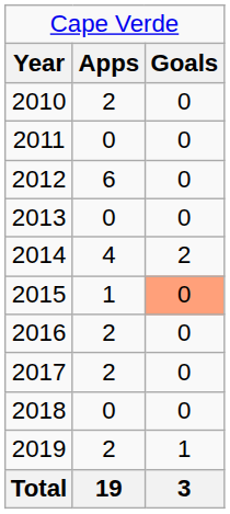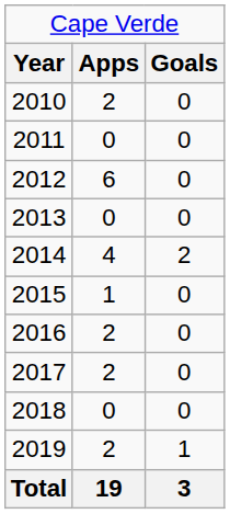 <table class="wikitable" style="text-align:center">
 <tr>
 <td colspan=3><a href='#'>Cape Verde</a></td>
 </tr>
 <tr>
 <th>Year</th>
 <th>Apps</th>
 <th>Goals</th>
 </tr>
 <tr>
 <td>2010</td>
 <td>2</td>
 <td>0</td>
 </tr>
 <tr>
 <td>2011</td>
 <td>0</td>
 <td>0</td>
 </tr>
 <tr>
 <td>2012</td>
 <td>6</td>
 <td>0</td>
 </tr>
 <tr>
 <td>2013</td>
 <td>0</td>
 <td>0</td>
 </tr>
 <tr>
 <td>2014</td>
 <td>4</td>
 <td>2</td>
 </tr>
 <tr>
 <td>2015</td>
 <td>1</td>
-<td style="background: lightsalmon;">0</td>
+<td>0</td>
 </tr>
 <tr>
 <td>2016</td>
 <td>2</td>
 <td>0</td>
 </tr>
 <tr>
 <td>2017</td>
 <td>2</td>
 <td>0</td>
 </tr>
 <tr>
 <td>2018</td>
 <td>0</td>
 <td>0</td>
 </tr>
 <tr>
 <td>2019</td>
 <td>2</td>
 <td>1</td>
 </tr>
 <tr>
 <th>Total</th>
 <th>19</th>
 <th>3</th>
 </tr>
 </table>
